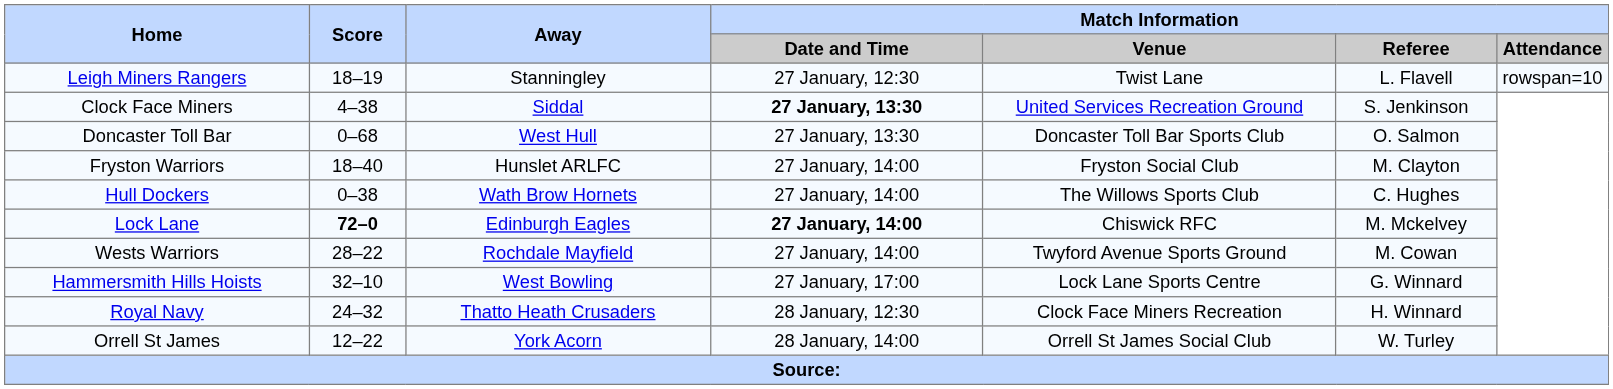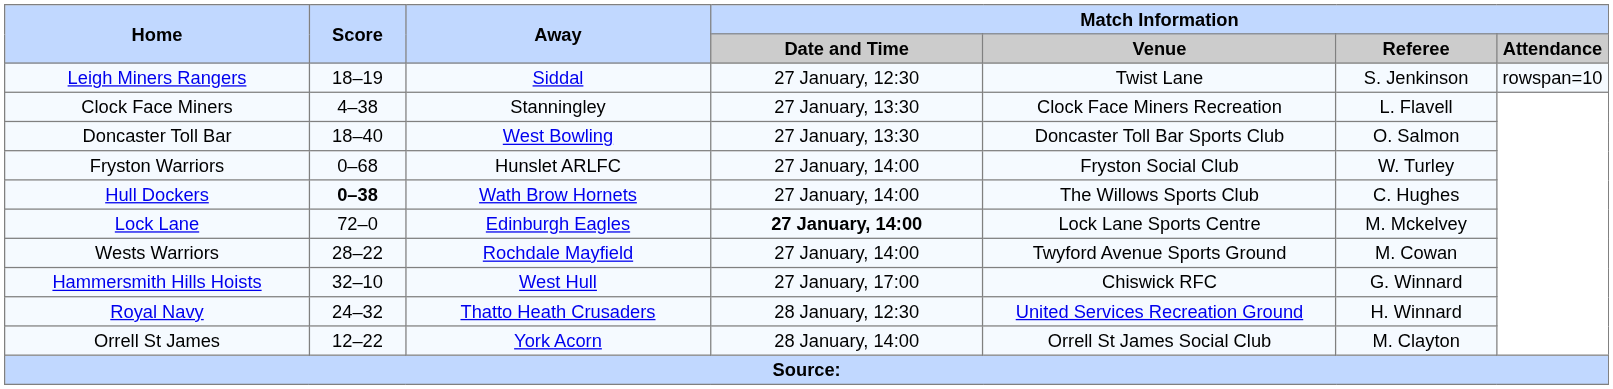 <table border=1 style="border-collapse:collapse; font-size:90%; text-align:center"; cellpadding=3 cellspacing=0 width=100%>
 <tr bgcolor="#c1d8ff">
 <th rowspan=2 width=19%>Home</th>
 <th rowspan=2 width=6%>Score</th>
 <th rowspan=2 width=19%>Away</th>
 <th colspan=4>Match Information</th>
 </tr>
 <tr bgcolor="#cccccc">
 <th width=17%>Date and Time</th>
 <th width=22%>Venue</th>
 <th width=10%>Referee</th>
 <th width=7%>Attendance</th>
 </tr>
 <tr bgcolor=#f5faff>
 <td><a href='#'>Leigh Miners Rangers</a></td>
 <td>18–19</td>
-<td>Stanningley</td>
+<td><a href='#'>Siddal</a></td>
 <td>27 January, 12:30</td>
 <td>Twist Lane</td>
-<td>L. Flavell</td>
+<td>S. Jenkinson</td>
 <td>rowspan=10 </td>
 </tr>
 <tr bgcolor=#f5faff>
 <td>Clock Face Miners</td>
 <td>4–38</td>
-<td><a href='#'>Siddal</a></td>
-<td><strong>27 January, 13:30</strong></td>
-<td><a href='#'>United Services Recreation Ground</a></td>
-<td>S. Jenkinson</td>
+<td>Stanningley</td>
+<td>27 January, 13:30</td>
+<td>Clock Face Miners Recreation</td>
+<td>L. Flavell</td>
 </tr>
 <tr bgcolor=#f5faff>
 <td>Doncaster Toll Bar</td>
-<td>0–68</td>
-<td><a href='#'>West Hull</a></td>
+<td>18–40</td>
+<td><a href='#'>West Bowling</a></td>
 <td>27 January, 13:30</td>
 <td>Doncaster Toll Bar Sports Club</td>
 <td>O. Salmon</td>
 </tr>
 <tr bgcolor=#f5faff>
 <td>Fryston Warriors</td>
-<td>18–40</td>
+<td>0–68</td>
 <td>Hunslet ARLFC</td>
 <td>27 January, 14:00</td>
 <td>Fryston Social Club</td>
-<td>M. Clayton</td>
+<td>W. Turley</td>
 </tr>
 <tr bgcolor=#f5faff>
 <td><a href='#'>Hull Dockers</a></td>
-<td>0–38</td>
+<td><strong>0–38</strong></td>
 <td><a href='#'>Wath Brow Hornets</a></td>
 <td>27 January, 14:00</td>
 <td>The Willows Sports Club</td>
 <td>C. Hughes</td>
 </tr>
 <tr bgcolor=#f5faff>
 <td><a href='#'>Lock Lane</a></td>
-<td><strong>72–0</strong></td>
+<td>72–0</td>
 <td><a href='#'>Edinburgh Eagles</a></td>
 <td><strong>27 January, 14:00</strong></td>
-<td>Chiswick RFC</td>
+<td>Lock Lane Sports Centre</td>
 <td>M. Mckelvey</td>
 </tr>
 <tr bgcolor=#f5faff>
 <td>Wests Warriors</td>
 <td>28–22</td>
 <td><a href='#'>Rochdale Mayfield</a></td>
 <td>27 January, 14:00</td>
 <td>Twyford Avenue Sports Ground</td>
 <td>M. Cowan</td>
 </tr>
 <tr bgcolor=#f5faff>
 <td><a href='#'>Hammersmith Hills Hoists</a></td>
 <td>32–10</td>
-<td><a href='#'>West Bowling</a></td>
+<td><a href='#'>West Hull</a></td>
 <td>27 January, 17:00</td>
-<td>Lock Lane Sports Centre</td>
+<td>Chiswick RFC</td>
 <td>G. Winnard</td>
 </tr>
 <tr bgcolor=#f5faff>
 <td><a href='#'>Royal Navy</a></td>
 <td>24–32</td>
 <td><a href='#'>Thatto Heath Crusaders</a></td>
 <td>28 January, 12:30</td>
-<td>Clock Face Miners Recreation</td>
+<td><a href='#'>United Services Recreation Ground</a></td>
 <td>H. Winnard</td>
 </tr>
 <tr bgcolor=#f5faff>
 <td>Orrell St James</td>
 <td>12–22</td>
 <td><a href='#'>York Acorn</a></td>
 <td>28 January, 14:00</td>
 <td>Orrell St James Social Club</td>
-<td>W. Turley</td>
+<td>M. Clayton</td>
 </tr>
 <tr style="background:#c1d8ff;">
 <th colspan=7>Source:</th>
 </tr>
 </table>
